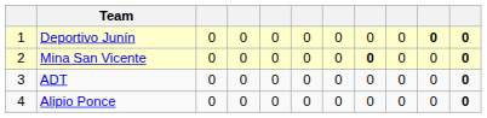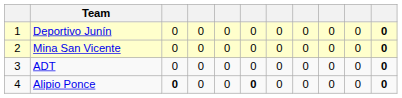 <table class="wikitable" style="text-align:center;">
 <tr>
 <th width="30"></th>
 <th width="180">Team</th>
 <th width="30"></th>
 <th width="30"></th>
 <th width="30"></th>
 <th width="30"></th>
 <th width="30"></th>
 <th width="30"></th>
 <th width="30"></th>
 <th width="30"></th>
 <th width="30"></th>
 </tr>
 <tr bgcolor=ffffcc>
 <td>1</td>
 <td align=left><a href='#'>Deportivo Junín</a></td>
 <td>0</td>
 <td>0</td>
 <td>0</td>
 <td>0</td>
 <td>0</td>
 <td>0</td>
 <td>0</td>
-<td><strong>0</strong></td>
+<td>0</td>
 <td><strong>0</strong></td>
 </tr>
 <tr bgcolor=ffffcc>
 <td>2</td>
 <td align=left><a href='#'>Mina San Vicente</a></td>
 <td>0</td>
 <td>0</td>
 <td>0</td>
 <td>0</td>
 <td>0</td>
-<td><strong>0</strong></td>
+<td>0</td>
 <td>0</td>
 <td>0</td>
 <td><strong>0</strong></td>
 </tr>
 <tr bgcolor=>
 <td>3</td>
 <td align=left><a href='#'>ADT</a></td>
 <td>0</td>
 <td>0</td>
 <td>0</td>
 <td>0</td>
 <td>0</td>
 <td>0</td>
 <td>0</td>
 <td>0</td>
 <td><strong>0</strong></td>
 </tr>
 <tr bgcolor=>
 <td>4</td>
 <td align=left><a href='#'>Alipio Ponce</a></td>
+<td><strong>0</strong></td>
 <td>0</td>
 <td>0</td>
-<td>0</td>
-<td>0</td>
+<td><strong>0</strong></td>
 <td>0</td>
 <td>0</td>
 <td>0</td>
 <td>0</td>
 <td><strong>0</strong></td>
 </tr>
 </table>
